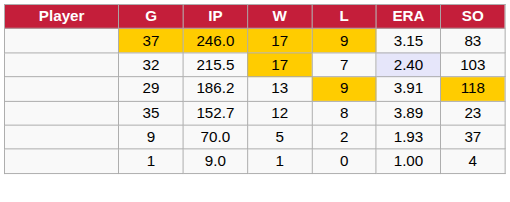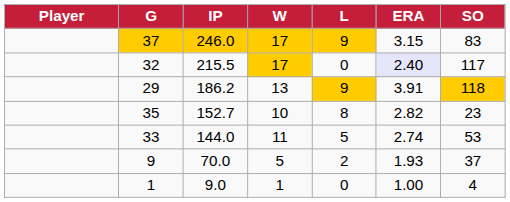 <table class="wikitable sortable">
 <tr>
 <th style="background:#c41e3a;color:white;" width="16%">Player</th>
 <th style="background:#c41e3a;color:white;" width="9%">G</th>
 <th style="background:#c41e3a;color:white;" width="9%">IP</th>
 <th style="background:#c41e3a;color:white;" width="9%">W</th>
 <th style="background:#c41e3a;color:white;" width="9%">L</th>
 <th style="background:#c41e3a;color:white;" width="9%">ERA</th>
 <th style="background:#c41e3a;color:white;" width="9%">SO</th>
 </tr>
 <tr align="center">
 <td></td>
 <td style="background:#fc0;">37</td>
 <td style="background:#fc0;">246.0</td>
 <td style="background:#fc0;">17</td>
 <td style="background:#fc0;">9</td>
 <td>3.15</td>
 <td>83</td>
 </tr>
 <tr align="center">
 <td></td>
 <td>32</td>
 <td>215.5</td>
 <td style="background:#fc0;">17</td>
-<td>7</td>
+<td>0</td>
 <td style="background: lavender;">2.40</td>
-<td>103</td>
+<td>117</td>
 </tr>
 <tr align="center">
 <td></td>
 <td>29</td>
 <td>186.2</td>
 <td>13</td>
 <td style="background:#fc0;">9</td>
 <td>3.91</td>
 <td style="background:#fc0;">118</td>
 </tr>
 <tr align="center">
 <td></td>
 <td>35</td>
 <td>152.7</td>
-<td>12</td>
+<td>10</td>
 <td>8</td>
-<td>3.89</td>
+<td>2.82</td>
 <td>23</td>
+</tr>
+<tr align="center">
+<td></td>
+<td>33</td>
+<td>144.0</td>
+<td>11</td>
+<td>5</td>
+<td>2.74</td>
+<td>53</td>
 </tr>
 <tr align="center">
 <td></td>
 <td>9</td>
 <td>70.0</td>
 <td>5</td>
 <td>2</td>
 <td>1.93</td>
 <td>37</td>
 </tr>
 <tr align="center">
 <td></td>
 <td>1</td>
 <td>9.0</td>
 <td>1</td>
 <td>0</td>
 <td>1.00</td>
 <td>4</td>
 </tr>
 </table>
